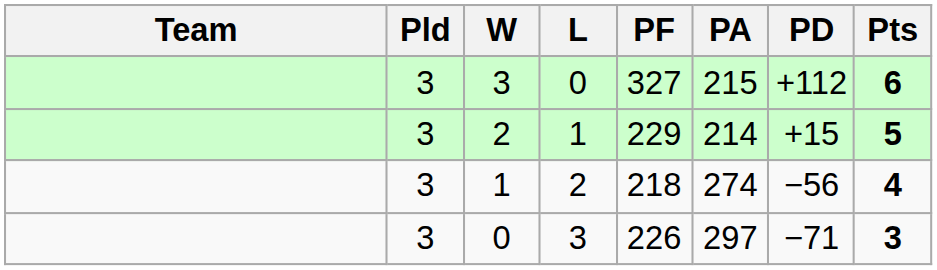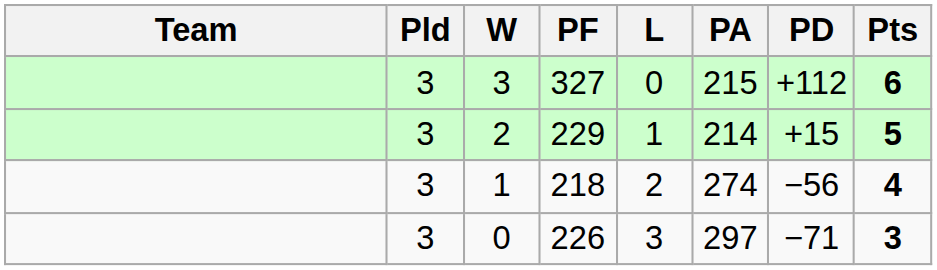 <table class="wikitable" style="text-align:center;">
 <tr>
 <th width=180>Team</th>
 <th width=30>Pld</th>
 <th width=30>W</th>
+<th width=30>PF</th>
 <th width=30>L</th>
-<th width=30>PF</th>
 <th width=30>PA</th>
 <th width=30>PD</th>
 <th width=30>Pts</th>
 </tr>
 <tr bgcolor="#ccffcc">
 <td align="left"></td>
 <td>3</td>
 <td>3</td>
+<td>327</td>
 <td>0</td>
-<td>327</td>
 <td>215</td>
 <td>+112</td>
 <td><strong>6</strong></td>
 </tr>
 <tr bgcolor="#ccffcc">
 <td align="left"></td>
 <td>3</td>
 <td>2</td>
+<td>229</td>
 <td>1</td>
-<td>229</td>
 <td>214</td>
 <td>+15</td>
 <td><strong>5</strong></td>
 </tr>
 <tr>
 <td align="left"></td>
 <td>3</td>
 <td>1</td>
+<td>218</td>
 <td>2</td>
-<td>218</td>
 <td>274</td>
 <td>−56</td>
 <td><strong>4</strong></td>
 </tr>
 <tr>
 <td align="left"></td>
 <td>3</td>
 <td>0</td>
+<td>226</td>
 <td>3</td>
-<td>226</td>
 <td>297</td>
 <td>−71</td>
 <td><strong>3</strong></td>
 </tr>
 </table>
